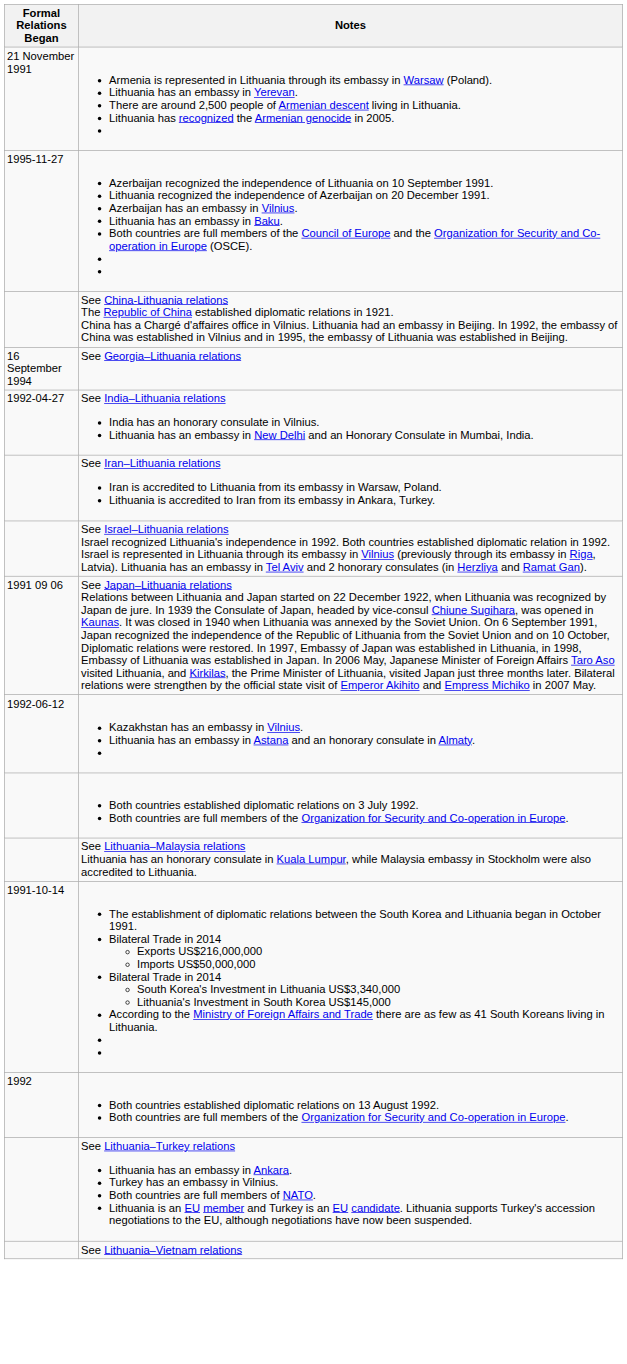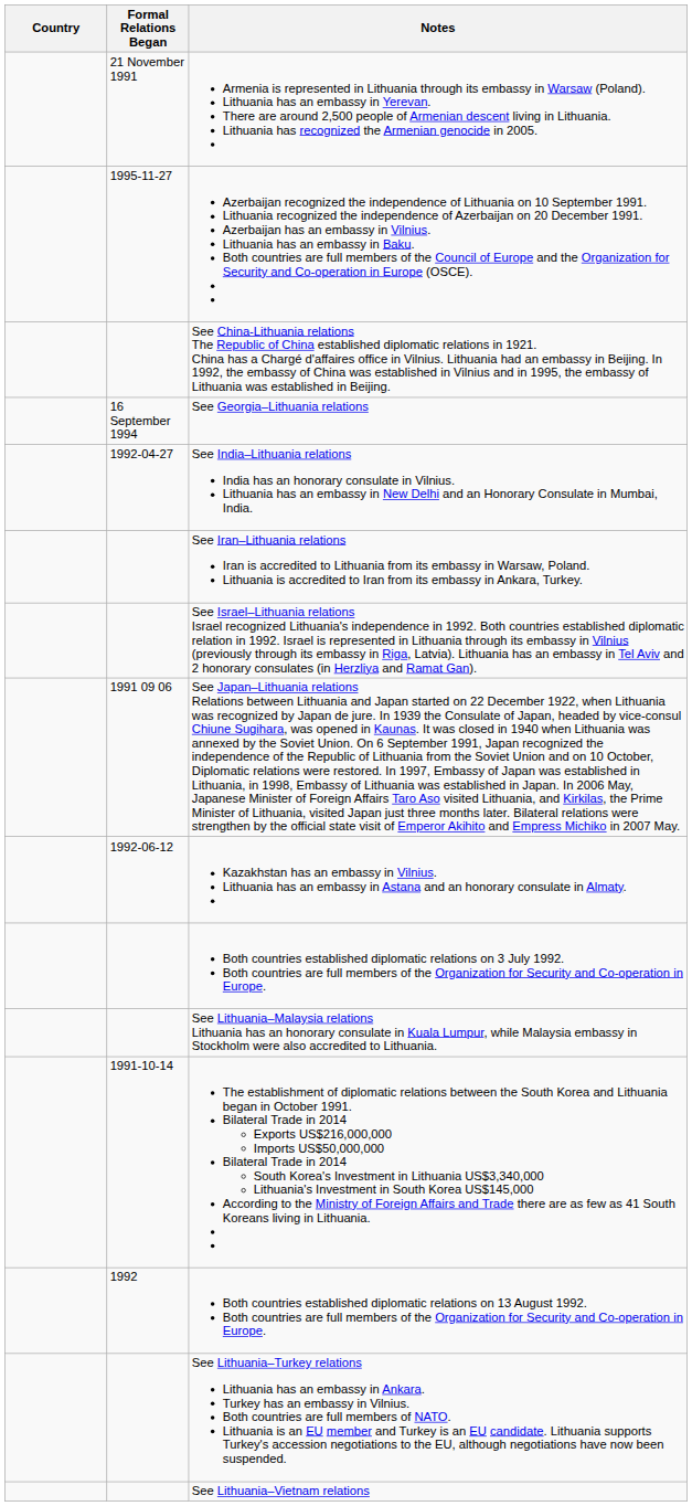 <table class="wikitable sortable" border="1" style="width:100%; margin:auto;">
 <tr>
+<th width="15%">Country</th>
 <th width="12%">Formal Relations Began</th>
 <th>Notes</th>
 </tr>
 <tr valign="top">
+<td></td>
 <td>21 November 1991</td>
 <td><br><ul><li>Armenia is represented in Lithuania through its embassy in <a href='#'>Warsaw</a> (Poland).</li><li>Lithuania has an embassy in <a href='#'>Yerevan</a>.</li><li>There are around 2,500 people of <a href='#'>Armenian descent</a> living in Lithuania.</li><li>Lithuania has <a href='#'>recognized</a> the <a href='#'>Armenian genocide</a> in 2005.</li><li> </li></ul></td>
 </tr>
 <tr valign="top">
+<td></td>
 <td>1995-11-27</td>
 <td><br><ul><li>Azerbaijan recognized the independence of Lithuania on 10 September 1991.</li><li>Lithuania recognized the independence of Azerbaijan on 20 December 1991.</li><li>Azerbaijan has an embassy in <a href='#'>Vilnius</a>.</li><li>Lithuania has an embassy in <a href='#'>Baku</a>.</li><li>Both countries are full members of the <a href='#'>Council of Europe</a> and the <a href='#'>Organization for Security and Co-operation in Europe</a> (OSCE).</li><li> </li><li></li></ul></td>
 </tr>
 <tr valign="top">
 <td></td>
+<td></td>
 <td>See <a href='#'>China-Lithuania relations</a><br>The <a href='#'>Republic of China</a> established diplomatic relations in 1921.<br>China has a Chargé d'affaires office in Vilnius. Lithuania had an embassy in Beijing. In 1992, the embassy of China was established in Vilnius and in 1995, the embassy of Lithuania was established in Beijing.</td>
 </tr>
 <tr valign="top">
+<td></td>
 <td>16 September 1994</td>
 <td>See <a href='#'>Georgia–Lithuania relations</a></td>
 </tr>
 <tr valign="top">
+<td></td>
 <td>1992-04-27</td>
 <td>See <a href='#'>India–Lithuania relations</a><br><ul><li>India has an honorary consulate in Vilnius.</li><li>Lithuania has an embassy in <a href='#'>New Delhi</a> and an Honorary Consulate in Mumbai, India.</li></ul></td>
 </tr>
 <tr valign="top">
 <td></td>
+<td></td>
 <td>See <a href='#'>Iran–Lithuania relations</a><br><ul><li>Iran is accredited to Lithuania from its embassy in Warsaw, Poland.</li><li>Lithuania is accredited to Iran from its embassy in Ankara, Turkey.</li></ul></td>
 </tr>
 <tr valign="top">
 <td></td>
+<td></td>
 <td>See <a href='#'>Israel–Lithuania relations</a><br>Israel recognized Lithuania's independence in 1992.  Both countries established diplomatic relation in 1992.  Israel is represented in Lithuania through its embassy in <a href='#'>Vilnius</a> (previously through its embassy in <a href='#'>Riga</a>, Latvia). Lithuania has an embassy in <a href='#'>Tel Aviv</a> and 2 honorary consulates (in <a href='#'>Herzliya</a> and <a href='#'>Ramat Gan</a>).</td>
 </tr>
 <tr valign="top">
+<td></td>
 <td>1991 09 06</td>
 <td>See <a href='#'>Japan–Lithuania relations</a><br>Relations between Lithuania and Japan started on 22 December 1922, when Lithuania was recognized by Japan de jure. In 1939 the Consulate of Japan, headed by vice-consul <a href='#'>Chiune Sugihara</a>, was opened in <a href='#'>Kaunas</a>. It was closed in 1940 when Lithuania was annexed by the Soviet Union. On 6 September 1991, Japan recognized the independence of the Republic of Lithuania from the Soviet Union and on 10 October, Diplomatic relations were restored. In 1997, Embassy of Japan was established in Lithuania, in 1998, Embassy of Lithuania was established in Japan. In 2006 May, Japanese Minister of Foreign Affairs <a href='#'>Taro Aso</a> visited Lithuania, and <a href='#'>Kirkilas</a>, the Prime Minister of Lithuania, visited Japan just three months later. Bilateral relations were strengthen by the official state visit of <a href='#'>Emperor Akihito</a> and <a href='#'>Empress Michiko</a> in 2007 May.</td>
 </tr>
 <tr valign="top">
+<td></td>
 <td>1992-06-12</td>
 <td><br><ul><li>Kazakhstan has an embassy in <a href='#'>Vilnius</a>.</li><li>Lithuania has an embassy in <a href='#'>Astana</a> and an honorary consulate in <a href='#'>Almaty</a>.</li><li> </li></ul></td>
 </tr>
 <tr valign="top">
 <td></td>
+<td></td>
 <td><br><ul><li>Both countries established diplomatic relations on 3 July 1992.</li><li>Both countries are full members of the <a href='#'>Organization for Security and Co-operation in Europe</a>.</li></ul></td>
 </tr>
 <tr valign="top">
 <td></td>
+<td></td>
 <td>See <a href='#'>Lithuania–Malaysia relations</a><br>Lithuania has an honorary consulate in <a href='#'>Kuala Lumpur</a>, while Malaysia embassy in Stockholm were also accredited to Lithuania.</td>
 </tr>
 <tr valign="top">
+<td></td>
 <td>1991-10-14</td>
 <td><br><ul><li>The establishment of diplomatic relations between the South Korea and Lithuania began in October 1991.</li><li>Bilateral Trade in 2014<ul><li>Exports US$216,000,000</li><li>Imports US$50,000,000</li></ul></li><li>Bilateral Trade in 2014<ul><li>South Korea's Investment in Lithuania US$3,340,000</li><li>Lithuania's Investment in South Korea US$145,000</li></ul></li><li>According to the <a href='#'>Ministry of Foreign Affairs and Trade</a> there are as few as 41 South Koreans living in Lithuania.</li><li> </li><li></li></ul></td>
 </tr>
 <tr valign="top">
+<td></td>
 <td>1992</td>
 <td><br><ul><li>Both countries established diplomatic relations on 13 August 1992.</li><li>Both countries are full members of the <a href='#'>Organization for Security and Co-operation in Europe</a>.</li></ul></td>
 </tr>
 <tr valign="top">
 <td></td>
+<td></td>
 <td>See <a href='#'>Lithuania–Turkey relations</a><br><ul><li>Lithuania has an embassy in <a href='#'>Ankara</a>.</li><li>Turkey has an embassy in Vilnius.</li><li>Both countries are full members of <a href='#'>NATO</a>.</li><li>Lithuania is an <a href='#'>EU</a> <a href='#'>member</a> and Turkey is an <a href='#'>EU</a> <a href='#'>candidate</a>. Lithuania supports Turkey's accession negotiations to the EU, although negotiations have now been suspended.</li></ul></td>
 </tr>
 <tr valign="top">
 <td></td>
+<td></td>
 <td>See <a href='#'>Lithuania–Vietnam relations</a></td>
 </tr>
 </table>
